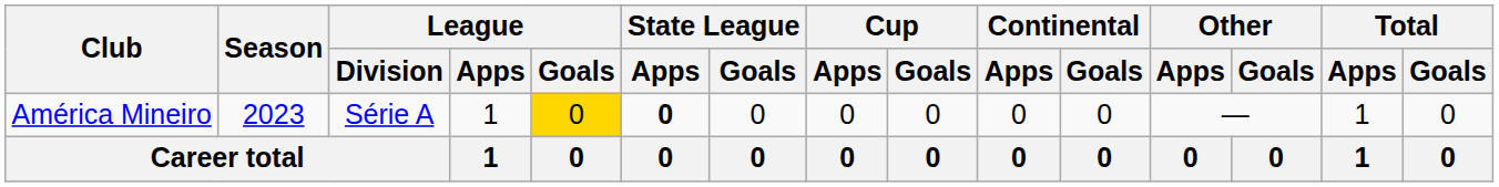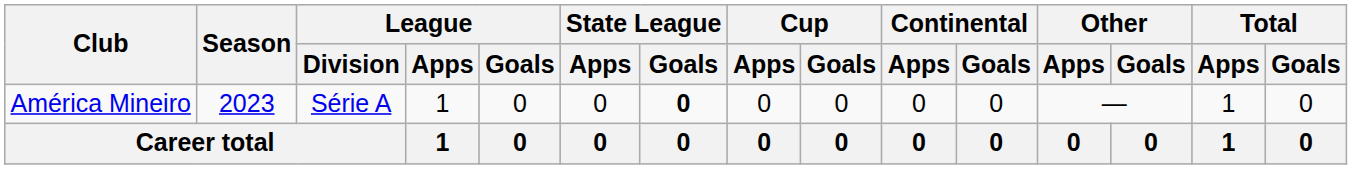 <table class="wikitable" style="text-align: center;">
 <tr>
 <th rowspan="2">Club</th>
 <th rowspan="2">Season</th>
 <th colspan="3">League</th>
 <th colspan="2">State League</th>
 <th colspan="2">Cup</th>
 <th colspan="2">Continental</th>
 <th colspan="2">Other</th>
 <th colspan="2">Total</th>
 </tr>
 <tr>
 <th>Division</th>
 <th>Apps</th>
 <th>Goals</th>
 <th>Apps</th>
 <th>Goals</th>
 <th>Apps</th>
 <th>Goals</th>
 <th>Apps</th>
 <th>Goals</th>
 <th>Apps</th>
 <th>Goals</th>
 <th>Apps</th>
 <th>Goals</th>
 </tr>
 <tr>
 <td><a href='#'>América Mineiro</a></td>
 <td><a href='#'>2023</a></td>
 <td><a href='#'>Série A</a></td>
 <td>1</td>
-<td style="background: gold;">0</td>
+<td>0</td>
+<td>0</td>
 <td><strong>0</strong></td>
-<td>0</td>
 <td>0</td>
 <td>0</td>
 <td>0</td>
 <td>0</td>
 <td colspan=2>—</td>
 <td>1</td>
 <td>0</td>
 </tr>
 <tr>
 <th colspan=3><strong>Career total</strong></th>
 <th>1</th>
 <th>0</th>
 <th>0</th>
 <th>0</th>
 <th>0</th>
 <th>0</th>
 <th>0</th>
 <th>0</th>
 <th>0</th>
 <th>0</th>
 <th>1</th>
 <th>0</th>
 </tr>
 </table>
